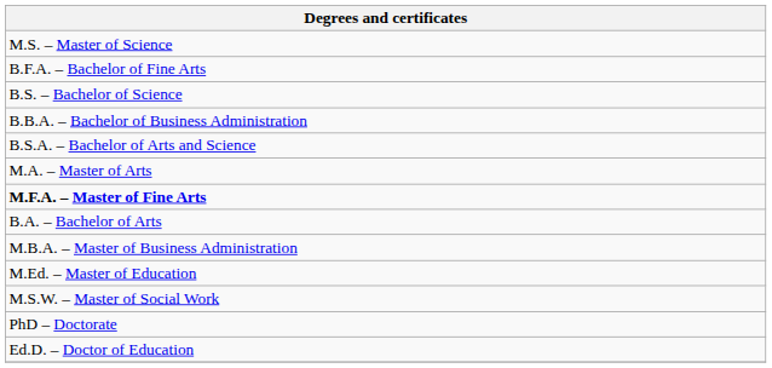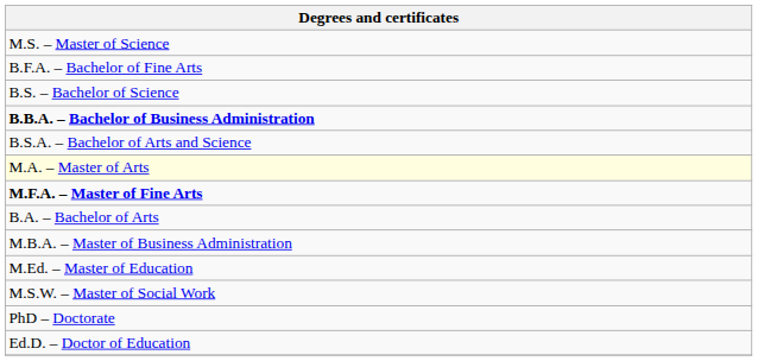 <table class="wikitable" style="width: 60%; height: 30px style="font-size: 100%">
 <tr>
 <th>Degrees and certificates</th>
 </tr>
 <tr>
 <td>M.S. – <a href='#'>Master of Science</a></td>
 </tr>
 <tr>
 <td>B.F.A. – <a href='#'>Bachelor of Fine Arts</a></td>
 </tr>
 <tr>
 <td>B.S. – <a href='#'>Bachelor of Science</a></td>
 </tr>
 <tr>
-<td>B.B.A. – <a href='#'>Bachelor of Business Administration</a></td>
+<td><strong>B.B.A. – <a href='#'>Bachelor of Business Administration</a></strong></td>
 </tr>
 <tr>
 <td>B.S.A. – <a href='#'>Bachelor of Arts and Science</a></td>
 </tr>
 <tr>
-<td>M.A. – <a href='#'>Master of Arts</a></td>
+<td style="background: lightyellow;">M.A. – <a href='#'>Master of Arts</a></td>
 </tr>
 <tr>
 <td><strong>M.F.A. – <a href='#'>Master of Fine Arts</a></strong></td>
 </tr>
 <tr>
 <td>B.A. – <a href='#'>Bachelor of Arts</a></td>
 </tr>
 <tr>
 <td>M.B.A. – <a href='#'>Master of Business Administration</a></td>
 </tr>
 <tr>
 <td>M.Ed. – <a href='#'>Master of Education</a></td>
 </tr>
 <tr>
 <td>M.S.W. – <a href='#'>Master of Social Work</a></td>
 </tr>
 <tr>
 <td>PhD – <a href='#'>Doctorate</a></td>
 </tr>
 <tr>
 <td>Ed.D. – <a href='#'>Doctor of Education</a></td>
 </tr>
 <tr>
 </tr>
 </table>
